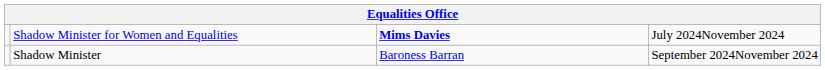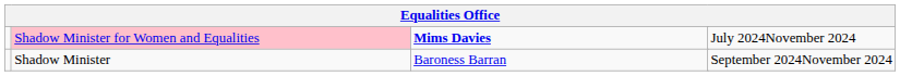 <table class="wikitable">
 <tr>
 <th colspan="5"><a href='#'>Equalities Office</a></th>
 </tr>
 <tr>
 <td style="background: "></td>
-<td style="width: 450px;"><a href='#'>Shadow Minister for Women and Equalities</a></td>
+<td style="background: pink; width: 450px;"><a href='#'>Shadow Minister for Women and Equalities</a></td>
 <td colspan="2" style="width: 333px;"><strong><a href='#'>Mims Davies</a></strong></td>
 <td>July 2024November 2024</td>
 </tr>
 <tr>
 <td style="background: "></td>
 <td style="width: 450px:">Shadow Minister</td>
 <td colspan="2"><a href='#'>Baroness Barran</a></td>
 <td>September 2024November 2024</td>
 </tr>
 </table>
